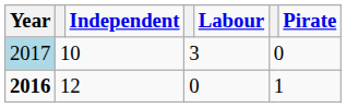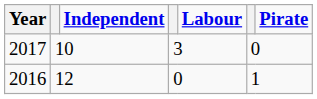 <table class="wikitable">
 <tr>
 <th>Year</th>
 <th style="background-color: "></th>
 <td><strong><a href='#'>Independent</a></strong></td>
 <th style="background-color: "></th>
 <td><strong><a href='#'>Labour</a></strong></td>
 <th style="background-color: "></th>
 <td><strong><a href='#'>Pirate</a></strong></td>
 </tr>
 <tr>
-<td style="background: lightblue;">2017</td>
+<td>2017</td>
 <td colspan=2>10</td>
 <td colspan=2>3</td>
 <td colspan=2>0</td>
 </tr>
 <tr>
-<td><strong>2016</strong></td>
+<td>2016</td>
 <td colspan=2>12</td>
 <td colspan=2>0</td>
 <td colspan=2>1</td>
 </tr>
 </table>
